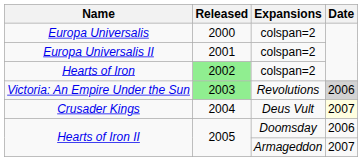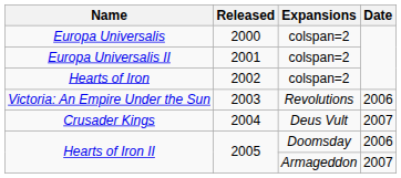 <table class="wikitable sortable" style="text-align:center;" width="auto">
 <tr>
 <th scope="col">Name</th>
 <th scope="col">Released</th>
 <th scope="col" class="unsortable">Expansions</th>
 <th scope="col">Date</th>
 </tr>
 <tr>
 <td><em><a href='#'>Europa Universalis</a></em></td>
 <td>2000</td>
 <td>colspan=2</td>
 </tr>
 <tr>
 <td><em><a href='#'>Europa Universalis II</a></em></td>
 <td>2001</td>
 <td>colspan=2</td>
 </tr>
 <tr>
 <td><em><a href='#'>Hearts of Iron</a></em></td>
-<td style="background: lightgreen;">2002</td>
+<td>2002</td>
 <td>colspan=2</td>
 </tr>
 <tr>
 <td><em><a href='#'>Victoria: An Empire Under the Sun</a></em></td>
-<td style="background: lightgreen;">2003</td>
+<td>2003</td>
 <td><em>Revolutions</em></td>
-<td style="background: lightgrey;">2006</td>
+<td>2006</td>
 </tr>
 <tr>
 <td><em><a href='#'>Crusader Kings</a></em></td>
 <td>2004</td>
 <td><em>Deus Vult</em></td>
-<td style="background: lightyellow;">2007</td>
+<td>2007</td>
 </tr>
 <tr>
 <td rowspan="2"><em><a href='#'>Hearts of Iron II</a></em></td>
 <td rowspan="2">2005</td>
 <td><em>Doomsday</em></td>
 <td>2006</td>
 </tr>
 <tr>
 <td><em>Armageddon</em></td>
 <td>2007</td>
 </tr>
 </table>
